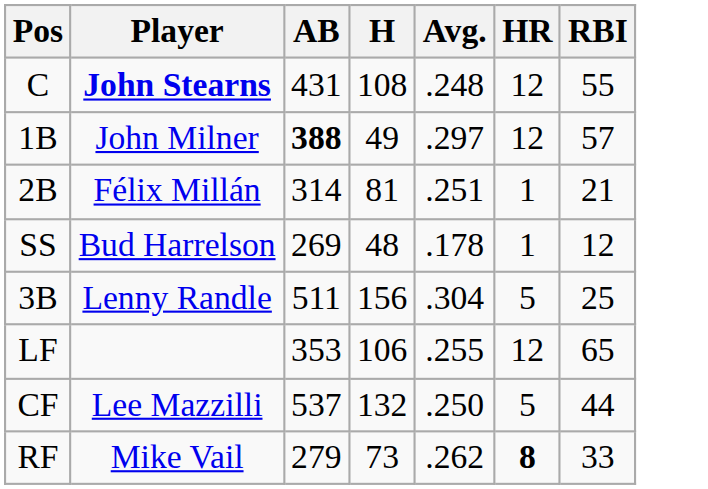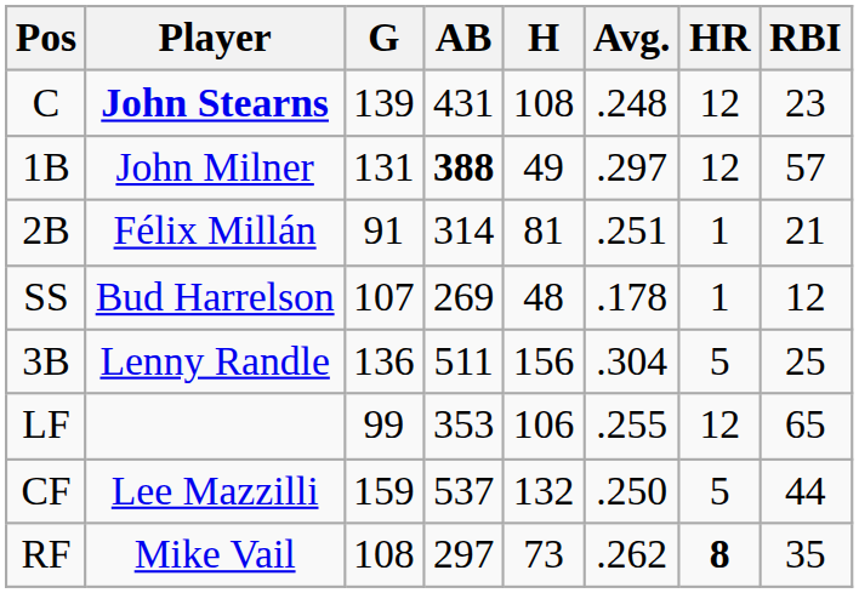 <table class="wikitable sortable">
 <tr>
 <th>Pos</th>
 <th>Player</th>
+<th>G</th>
 <th>AB</th>
 <th>H</th>
 <th>Avg.</th>
 <th>HR</th>
 <th>RBI</th>
 </tr>
 <tr style="text-align:center;">
 <td>C</td>
 <td><strong><a href='#'>John Stearns</a></strong></td>
+<td>139</td>
 <td>431</td>
 <td>108</td>
 <td>.248</td>
 <td>12</td>
-<td>55</td>
+<td>23</td>
 </tr>
 <tr align=center>
 <td>1B</td>
 <td><a href='#'>John Milner</a></td>
+<td>131</td>
 <td><strong>388</strong></td>
 <td>49</td>
 <td>.297</td>
 <td>12</td>
 <td>57</td>
 </tr>
 <tr align=center>
 <td>2B</td>
 <td><a href='#'>Félix Millán</a></td>
+<td>91</td>
 <td>314</td>
 <td>81</td>
 <td>.251</td>
 <td>1</td>
 <td>21</td>
 </tr>
 <tr align=center>
 <td>SS</td>
 <td><a href='#'>Bud Harrelson</a></td>
+<td>107</td>
 <td>269</td>
 <td>48</td>
 <td>.178</td>
 <td>1</td>
 <td>12</td>
 </tr>
 <tr align=center>
 <td>3B</td>
 <td><a href='#'>Lenny Randle</a></td>
+<td>136</td>
 <td>511</td>
 <td>156</td>
 <td>.304</td>
 <td>5</td>
 <td>25</td>
 </tr>
 <tr align=center>
 <td>LF</td>
 <td></td>
+<td>99</td>
 <td>353</td>
 <td>106</td>
 <td>.255</td>
 <td>12</td>
 <td>65</td>
 </tr>
 <tr align=center>
 <td>CF</td>
 <td><a href='#'>Lee Mazzilli</a></td>
+<td>159</td>
 <td>537</td>
 <td>132</td>
 <td>.250</td>
 <td>5</td>
 <td>44</td>
 </tr>
 <tr align=center>
 <td>RF</td>
 <td><a href='#'>Mike Vail</a></td>
-<td>279</td>
+<td>108</td>
+<td>297</td>
 <td>73</td>
 <td>.262</td>
 <td><strong>8</strong></td>
-<td>33</td>
+<td>35</td>
 </tr>
 </table>
